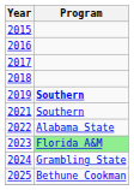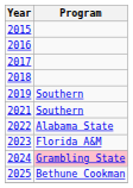 <table class="wikitable">
 <tr>
 <th>Year</th>
 <th>Program</th>
 </tr>
 <tr>
 <td><a href='#'>2015</a></td>
 <td></td>
 </tr>
 <tr>
 <td><a href='#'>2016</a></td>
 <td></td>
 </tr>
 <tr>
 <td><a href='#'>2017</a></td>
 <td></td>
 </tr>
 <tr>
 <td><a href='#'>2018</a></td>
 <td></td>
 </tr>
 <tr>
 <td><a href='#'>2019</a></td>
-<td><strong><a href='#'>Southern</a></strong></td>
+<td><a href='#'>Southern</a></td>
 </tr>
 <tr>
 <td><a href='#'>2021</a></td>
 <td><a href='#'>Southern</a></td>
 </tr>
 <tr>
 <td><a href='#'>2022</a></td>
 <td><a href='#'>Alabama State</a></td>
 </tr>
 <tr>
 <td><a href='#'>2023</a></td>
-<td style="background: lightgreen;"><a href='#'>Florida A&M</a></td>
+<td><a href='#'>Florida A&M</a></td>
 </tr>
 <tr>
 <td><a href='#'>2024</a></td>
-<td><a href='#'>Grambling State</a></td>
+<td style="background: pink;"><a href='#'>Grambling State</a></td>
 </tr>
 <tr>
 <td><a href='#'>2025</a></td>
 <td><a href='#'>Bethune Cookman</a></td>
 </tr>
 <tr>
 </tr>
 </table>
